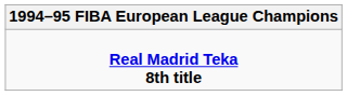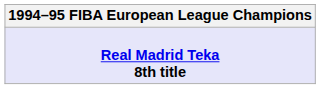 <table class=wikitable style="text-align:center; margin:auto">
 <tr>
 <th>1994–95 FIBA European League Champions</th>
 </tr>
 <tr>
-<td> <br> <strong><a href='#'>Real Madrid Teka</a></strong> <br> <strong>8th title</strong></td>
+<td style="background: lavender;"> <br> <strong><a href='#'>Real Madrid Teka</a></strong> <br> <strong>8th title</strong></td>
 </tr>
 </table>
